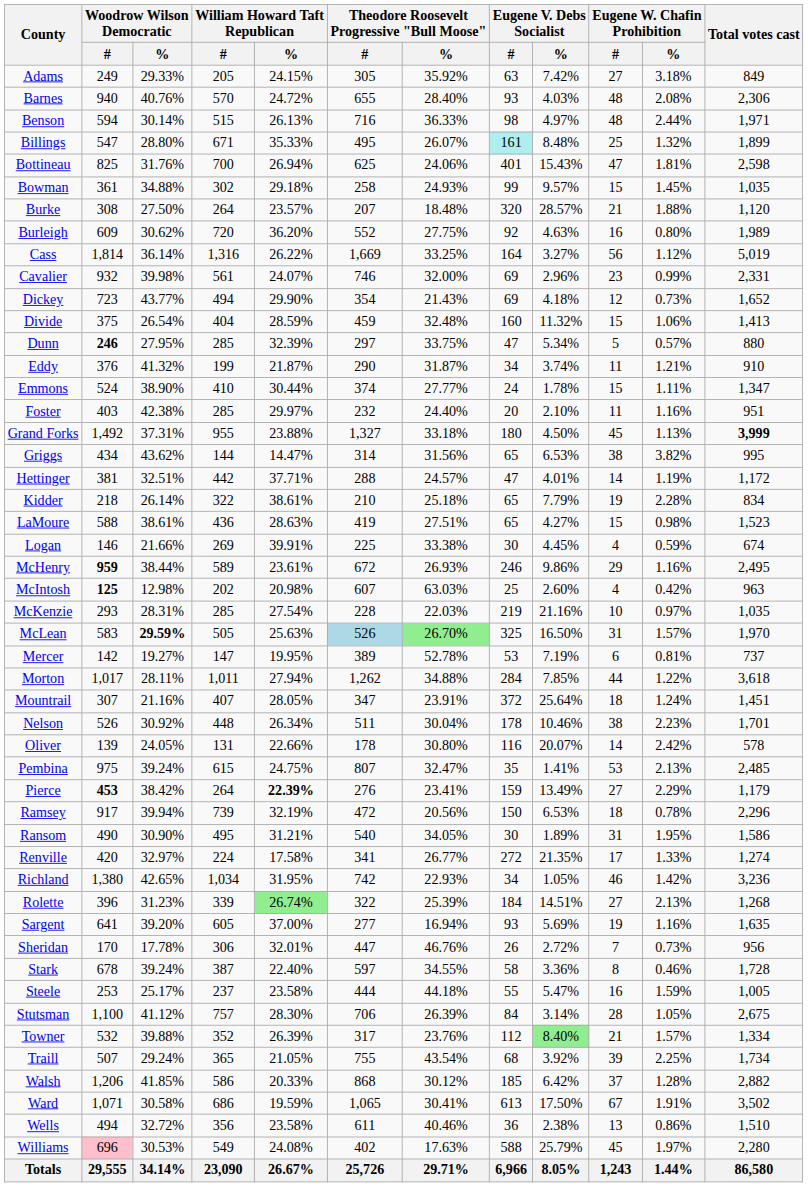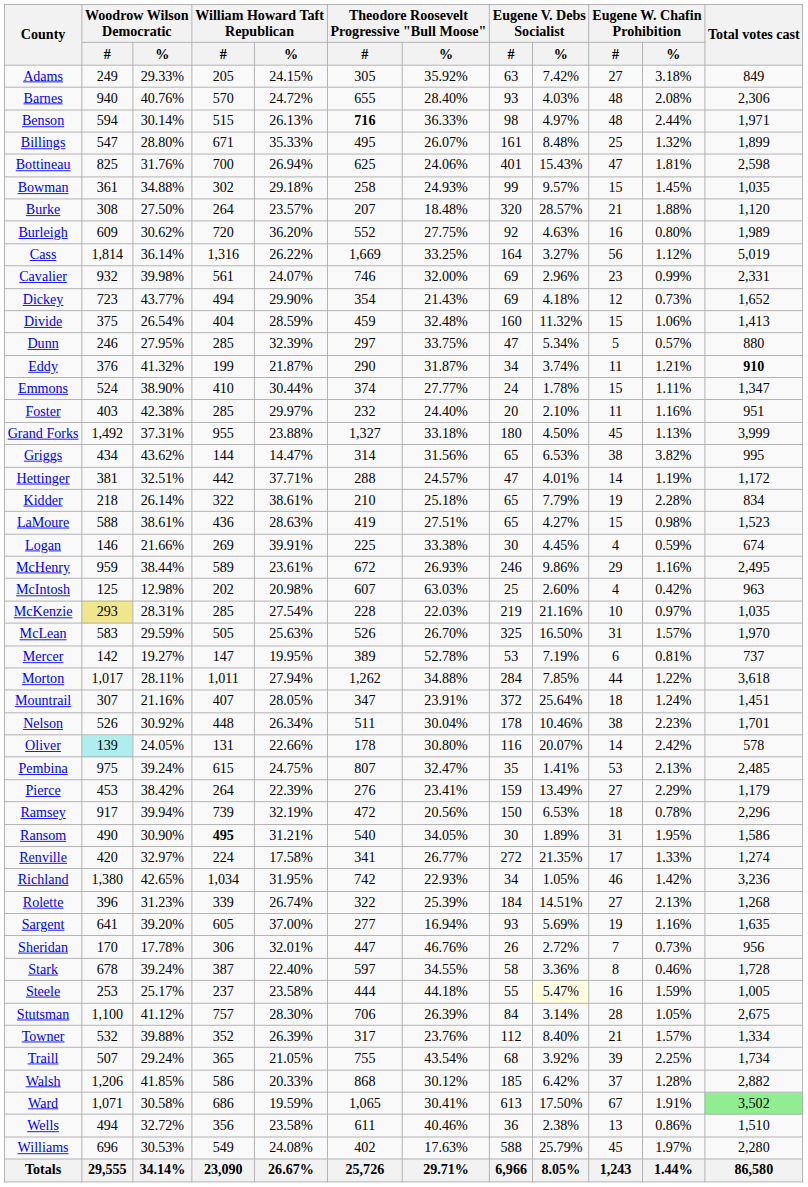 <table class="wikitable sortable">
 <tr>
 <th rowspan="2">County</th>
 <th colspan="2">Woodrow Wilson<br>Democratic</th>
 <th colspan="2">William Howard Taft<br>Republican</th>
 <th colspan="2">Theodore Roosevelt<br>Progressive "Bull Moose"</th>
 <th colspan="2">Eugene V. Debs<br>Socialist</th>
 <th colspan="2">Eugene W. Chafin<br>Prohibition</th>
 <th rowspan="2" data=sort-type="number">Total votes cast</th>
 </tr>
 <tr>
 <th data-sort-type="number">#</th>
 <th data-sort-type="number">%</th>
 <th data-sort-type="number">#</th>
 <th data-sort-type="number">%</th>
 <th data-sort-type="number">#</th>
 <th data-sort-type="number">%</th>
 <th data-sort-type="number">#</th>
 <th data-sort-type="number">%</th>
 <th data-sort-type="number">#</th>
 <th data-sort-type="number">%</th>
 </tr>
 <tr style="text-align:center;">
 <td><a href='#'>Adams</a></td>
 <td>249</td>
 <td>29.33%</td>
 <td>205</td>
 <td>24.15%</td>
 <td>305</td>
 <td>35.92%</td>
 <td>63</td>
 <td>7.42%</td>
 <td>27</td>
 <td>3.18%</td>
 <td>849</td>
 </tr>
 <tr style="text-align:center;">
 <td><a href='#'>Barnes</a></td>
 <td>940</td>
 <td>40.76%</td>
 <td>570</td>
 <td>24.72%</td>
 <td>655</td>
 <td>28.40%</td>
 <td>93</td>
 <td>4.03%</td>
 <td>48</td>
 <td>2.08%</td>
 <td>2,306</td>
 </tr>
 <tr style="text-align:center;">
 <td><a href='#'>Benson</a></td>
 <td>594</td>
 <td>30.14%</td>
 <td>515</td>
 <td>26.13%</td>
-<td>716</td>
+<td><strong>716</strong></td>
 <td>36.33%</td>
 <td>98</td>
 <td>4.97%</td>
 <td>48</td>
 <td>2.44%</td>
 <td>1,971</td>
 </tr>
 <tr style="text-align:center;">
 <td><a href='#'>Billings</a></td>
 <td>547</td>
 <td>28.80%</td>
 <td>671</td>
 <td>35.33%</td>
 <td>495</td>
 <td>26.07%</td>
-<td style="background: paleturquoise;">161</td>
+<td>161</td>
 <td>8.48%</td>
 <td>25</td>
 <td>1.32%</td>
 <td>1,899</td>
 </tr>
 <tr style="text-align:center;">
 <td><a href='#'>Bottineau</a></td>
 <td>825</td>
 <td>31.76%</td>
 <td>700</td>
 <td>26.94%</td>
 <td>625</td>
 <td>24.06%</td>
 <td>401</td>
 <td>15.43%</td>
 <td>47</td>
 <td>1.81%</td>
 <td>2,598</td>
 </tr>
 <tr style="text-align:center;">
 <td><a href='#'>Bowman</a></td>
 <td>361</td>
 <td>34.88%</td>
 <td>302</td>
 <td>29.18%</td>
 <td>258</td>
 <td>24.93%</td>
 <td>99</td>
 <td>9.57%</td>
 <td>15</td>
 <td>1.45%</td>
 <td>1,035</td>
 </tr>
 <tr style="text-align:center;">
 <td><a href='#'>Burke</a></td>
 <td>308</td>
 <td>27.50%</td>
 <td>264</td>
 <td>23.57%</td>
 <td>207</td>
 <td>18.48%</td>
 <td>320</td>
 <td>28.57%</td>
 <td>21</td>
 <td>1.88%</td>
 <td>1,120</td>
 </tr>
 <tr style="text-align:center;">
 <td><a href='#'>Burleigh</a></td>
 <td>609</td>
 <td>30.62%</td>
 <td>720</td>
 <td>36.20%</td>
 <td>552</td>
 <td>27.75%</td>
 <td>92</td>
 <td>4.63%</td>
 <td>16</td>
 <td>0.80%</td>
 <td>1,989</td>
 </tr>
 <tr style="text-align:center;">
 <td><a href='#'>Cass</a></td>
 <td>1,814</td>
 <td>36.14%</td>
 <td>1,316</td>
 <td>26.22%</td>
 <td>1,669</td>
 <td>33.25%</td>
 <td>164</td>
 <td>3.27%</td>
 <td>56</td>
 <td>1.12%</td>
 <td>5,019</td>
 </tr>
 <tr style="text-align:center;">
 <td><a href='#'>Cavalier</a></td>
 <td>932</td>
 <td>39.98%</td>
 <td>561</td>
 <td>24.07%</td>
 <td>746</td>
 <td>32.00%</td>
 <td>69</td>
 <td>2.96%</td>
 <td>23</td>
 <td>0.99%</td>
 <td>2,331</td>
 </tr>
 <tr style="text-align:center;">
 <td><a href='#'>Dickey</a></td>
 <td>723</td>
 <td>43.77%</td>
 <td>494</td>
 <td>29.90%</td>
 <td>354</td>
 <td>21.43%</td>
 <td>69</td>
 <td>4.18%</td>
 <td>12</td>
 <td>0.73%</td>
 <td>1,652</td>
 </tr>
 <tr style="text-align:center;">
 <td><a href='#'>Divide</a></td>
 <td>375</td>
 <td>26.54%</td>
 <td>404</td>
 <td>28.59%</td>
 <td>459</td>
 <td>32.48%</td>
 <td>160</td>
 <td>11.32%</td>
 <td>15</td>
 <td>1.06%</td>
 <td>1,413</td>
 </tr>
 <tr style="text-align:center;">
 <td><a href='#'>Dunn</a></td>
-<td><strong>246</strong></td>
+<td>246</td>
 <td>27.95%</td>
 <td>285</td>
 <td>32.39%</td>
 <td>297</td>
 <td>33.75%</td>
 <td>47</td>
 <td>5.34%</td>
 <td>5</td>
 <td>0.57%</td>
 <td>880</td>
 </tr>
 <tr style="text-align:center;">
 <td><a href='#'>Eddy</a></td>
 <td>376</td>
 <td>41.32%</td>
 <td>199</td>
 <td>21.87%</td>
 <td>290</td>
 <td>31.87%</td>
 <td>34</td>
 <td>3.74%</td>
 <td>11</td>
 <td>1.21%</td>
-<td>910</td>
+<td><strong>910</strong></td>
 </tr>
 <tr style="text-align:center;">
 <td><a href='#'>Emmons</a></td>
 <td>524</td>
 <td>38.90%</td>
 <td>410</td>
 <td>30.44%</td>
 <td>374</td>
 <td>27.77%</td>
 <td>24</td>
 <td>1.78%</td>
 <td>15</td>
 <td>1.11%</td>
 <td>1,347</td>
 </tr>
 <tr style="text-align:center;">
 <td><a href='#'>Foster</a></td>
 <td>403</td>
 <td>42.38%</td>
 <td>285</td>
 <td>29.97%</td>
 <td>232</td>
 <td>24.40%</td>
 <td>20</td>
 <td>2.10%</td>
 <td>11</td>
 <td>1.16%</td>
 <td>951</td>
 </tr>
 <tr style="text-align:center;">
 <td><a href='#'>Grand Forks</a></td>
 <td>1,492</td>
 <td>37.31%</td>
 <td>955</td>
 <td>23.88%</td>
 <td>1,327</td>
 <td>33.18%</td>
 <td>180</td>
 <td>4.50%</td>
 <td>45</td>
 <td>1.13%</td>
-<td><strong>3,999</strong></td>
+<td>3,999</td>
 </tr>
 <tr style="text-align:center;">
 <td><a href='#'>Griggs</a></td>
 <td>434</td>
 <td>43.62%</td>
 <td>144</td>
 <td>14.47%</td>
 <td>314</td>
 <td>31.56%</td>
 <td>65</td>
 <td>6.53%</td>
 <td>38</td>
 <td>3.82%</td>
 <td>995</td>
 </tr>
 <tr style="text-align:center;">
 <td><a href='#'>Hettinger</a></td>
 <td>381</td>
 <td>32.51%</td>
 <td>442</td>
 <td>37.71%</td>
 <td>288</td>
 <td>24.57%</td>
 <td>47</td>
 <td>4.01%</td>
 <td>14</td>
 <td>1.19%</td>
 <td>1,172</td>
 </tr>
 <tr style="text-align:center;">
 <td><a href='#'>Kidder</a></td>
 <td>218</td>
 <td>26.14%</td>
 <td>322</td>
 <td>38.61%</td>
 <td>210</td>
 <td>25.18%</td>
 <td>65</td>
 <td>7.79%</td>
 <td>19</td>
 <td>2.28%</td>
 <td>834</td>
 </tr>
 <tr style="text-align:center;">
 <td><a href='#'>LaMoure</a></td>
 <td>588</td>
 <td>38.61%</td>
 <td>436</td>
 <td>28.63%</td>
 <td>419</td>
 <td>27.51%</td>
 <td>65</td>
 <td>4.27%</td>
 <td>15</td>
 <td>0.98%</td>
 <td>1,523</td>
 </tr>
 <tr style="text-align:center;">
 <td><a href='#'>Logan</a></td>
 <td>146</td>
 <td>21.66%</td>
 <td>269</td>
 <td>39.91%</td>
 <td>225</td>
 <td>33.38%</td>
 <td>30</td>
 <td>4.45%</td>
 <td>4</td>
 <td>0.59%</td>
 <td>674</td>
 </tr>
 <tr style="text-align:center;">
 <td><a href='#'>McHenry</a></td>
-<td><strong>959</strong></td>
+<td>959</td>
 <td>38.44%</td>
 <td>589</td>
 <td>23.61%</td>
 <td>672</td>
 <td>26.93%</td>
 <td>246</td>
 <td>9.86%</td>
 <td>29</td>
 <td>1.16%</td>
 <td>2,495</td>
 </tr>
 <tr style="text-align:center;">
 <td><a href='#'>McIntosh</a></td>
-<td><strong>125</strong></td>
+<td>125</td>
 <td>12.98%</td>
 <td>202</td>
 <td>20.98%</td>
 <td>607</td>
 <td>63.03%</td>
 <td>25</td>
 <td>2.60%</td>
 <td>4</td>
 <td>0.42%</td>
 <td>963</td>
 </tr>
 <tr style="text-align:center;">
 <td><a href='#'>McKenzie</a></td>
-<td>293</td>
+<td style="background: khaki;">293</td>
 <td>28.31%</td>
 <td>285</td>
 <td>27.54%</td>
 <td>228</td>
 <td>22.03%</td>
 <td>219</td>
 <td>21.16%</td>
 <td>10</td>
 <td>0.97%</td>
 <td>1,035</td>
 </tr>
 <tr style="text-align:center;">
 <td><a href='#'>McLean</a></td>
 <td>583</td>
-<td><strong>29.59%</strong></td>
+<td>29.59%</td>
 <td>505</td>
 <td>25.63%</td>
-<td style="background: lightblue;">526</td>
-<td style="background: lightgreen;">26.70%</td>
+<td>526</td>
+<td>26.70%</td>
 <td>325</td>
 <td>16.50%</td>
 <td>31</td>
 <td>1.57%</td>
 <td>1,970</td>
 </tr>
 <tr style="text-align:center;">
 <td><a href='#'>Mercer</a></td>
 <td>142</td>
 <td>19.27%</td>
 <td>147</td>
 <td>19.95%</td>
 <td>389</td>
 <td>52.78%</td>
 <td>53</td>
 <td>7.19%</td>
 <td>6</td>
 <td>0.81%</td>
 <td>737</td>
 </tr>
 <tr style="text-align:center;">
 <td><a href='#'>Morton</a></td>
 <td>1,017</td>
 <td>28.11%</td>
 <td>1,011</td>
 <td>27.94%</td>
 <td>1,262</td>
 <td>34.88%</td>
 <td>284</td>
 <td>7.85%</td>
 <td>44</td>
 <td>1.22%</td>
 <td>3,618</td>
 </tr>
 <tr style="text-align:center;">
 <td><a href='#'>Mountrail</a></td>
 <td>307</td>
 <td>21.16%</td>
 <td>407</td>
 <td>28.05%</td>
 <td>347</td>
 <td>23.91%</td>
 <td>372</td>
 <td>25.64%</td>
 <td>18</td>
 <td>1.24%</td>
 <td>1,451</td>
 </tr>
 <tr style="text-align:center;">
 <td><a href='#'>Nelson</a></td>
 <td>526</td>
 <td>30.92%</td>
 <td>448</td>
 <td>26.34%</td>
 <td>511</td>
 <td>30.04%</td>
 <td>178</td>
 <td>10.46%</td>
 <td>38</td>
 <td>2.23%</td>
 <td>1,701</td>
 </tr>
 <tr style="text-align:center;">
 <td><a href='#'>Oliver</a></td>
-<td>139</td>
+<td style="background: paleturquoise;">139</td>
 <td>24.05%</td>
 <td>131</td>
 <td>22.66%</td>
 <td>178</td>
 <td>30.80%</td>
 <td>116</td>
 <td>20.07%</td>
 <td>14</td>
 <td>2.42%</td>
 <td>578</td>
 </tr>
 <tr style="text-align:center;">
 <td><a href='#'>Pembina</a></td>
 <td>975</td>
 <td>39.24%</td>
 <td>615</td>
 <td>24.75%</td>
 <td>807</td>
 <td>32.47%</td>
 <td>35</td>
 <td>1.41%</td>
 <td>53</td>
 <td>2.13%</td>
 <td>2,485</td>
 </tr>
 <tr style="text-align:center;">
 <td><a href='#'>Pierce</a></td>
-<td><strong>453</strong></td>
+<td>453</td>
 <td>38.42%</td>
 <td>264</td>
-<td><strong>22.39%</strong></td>
+<td>22.39%</td>
 <td>276</td>
 <td>23.41%</td>
 <td>159</td>
 <td>13.49%</td>
 <td>27</td>
 <td>2.29%</td>
 <td>1,179</td>
 </tr>
 <tr style="text-align:center;">
 <td><a href='#'>Ramsey</a></td>
 <td>917</td>
 <td>39.94%</td>
 <td>739</td>
 <td>32.19%</td>
 <td>472</td>
 <td>20.56%</td>
 <td>150</td>
 <td>6.53%</td>
 <td>18</td>
 <td>0.78%</td>
 <td>2,296</td>
 </tr>
 <tr style="text-align:center;">
 <td><a href='#'>Ransom</a></td>
 <td>490</td>
 <td>30.90%</td>
-<td>495</td>
+<td><strong>495</strong></td>
 <td>31.21%</td>
 <td>540</td>
 <td>34.05%</td>
 <td>30</td>
 <td>1.89%</td>
 <td>31</td>
 <td>1.95%</td>
 <td>1,586</td>
 </tr>
 <tr style="text-align:center;">
 <td><a href='#'>Renville</a></td>
 <td>420</td>
 <td>32.97%</td>
 <td>224</td>
 <td>17.58%</td>
 <td>341</td>
 <td>26.77%</td>
 <td>272</td>
 <td>21.35%</td>
 <td>17</td>
 <td>1.33%</td>
 <td>1,274</td>
 </tr>
 <tr style="text-align:center;">
 <td><a href='#'>Richland</a></td>
 <td>1,380</td>
 <td>42.65%</td>
 <td>1,034</td>
 <td>31.95%</td>
 <td>742</td>
 <td>22.93%</td>
 <td>34</td>
 <td>1.05%</td>
 <td>46</td>
 <td>1.42%</td>
 <td>3,236</td>
 </tr>
 <tr style="text-align:center;">
 <td><a href='#'>Rolette</a></td>
 <td>396</td>
 <td>31.23%</td>
 <td>339</td>
-<td style="background: lightgreen;">26.74%</td>
+<td>26.74%</td>
 <td>322</td>
 <td>25.39%</td>
 <td>184</td>
 <td>14.51%</td>
 <td>27</td>
 <td>2.13%</td>
 <td>1,268</td>
 </tr>
 <tr style="text-align:center;">
 <td><a href='#'>Sargent</a></td>
 <td>641</td>
 <td>39.20%</td>
 <td>605</td>
 <td>37.00%</td>
 <td>277</td>
 <td>16.94%</td>
 <td>93</td>
 <td>5.69%</td>
 <td>19</td>
 <td>1.16%</td>
 <td>1,635</td>
 </tr>
 <tr style="text-align:center;">
 <td><a href='#'>Sheridan</a></td>
 <td>170</td>
 <td>17.78%</td>
 <td>306</td>
 <td>32.01%</td>
 <td>447</td>
 <td>46.76%</td>
 <td>26</td>
 <td>2.72%</td>
 <td>7</td>
 <td>0.73%</td>
 <td>956</td>
 </tr>
 <tr style="text-align:center;">
 <td><a href='#'>Stark</a></td>
 <td>678</td>
 <td>39.24%</td>
 <td>387</td>
 <td>22.40%</td>
 <td>597</td>
 <td>34.55%</td>
 <td>58</td>
 <td>3.36%</td>
 <td>8</td>
 <td>0.46%</td>
 <td>1,728</td>
 </tr>
 <tr style="text-align:center;">
 <td><a href='#'>Steele</a></td>
 <td>253</td>
 <td>25.17%</td>
 <td>237</td>
 <td>23.58%</td>
 <td>444</td>
 <td>44.18%</td>
 <td>55</td>
-<td>5.47%</td>
+<td style="background: lightyellow;">5.47%</td>
 <td>16</td>
 <td>1.59%</td>
 <td>1,005</td>
 </tr>
 <tr style="text-align:center;">
 <td><a href='#'>Stutsman</a></td>
 <td>1,100</td>
 <td>41.12%</td>
 <td>757</td>
 <td>28.30%</td>
 <td>706</td>
 <td>26.39%</td>
 <td>84</td>
 <td>3.14%</td>
 <td>28</td>
 <td>1.05%</td>
 <td>2,675</td>
 </tr>
 <tr style="text-align:center;">
 <td><a href='#'>Towner</a></td>
 <td>532</td>
 <td>39.88%</td>
 <td>352</td>
 <td>26.39%</td>
 <td>317</td>
 <td>23.76%</td>
 <td>112</td>
-<td style="background: lightgreen;">8.40%</td>
+<td>8.40%</td>
 <td>21</td>
 <td>1.57%</td>
 <td>1,334</td>
 </tr>
 <tr style="text-align:center;">
 <td><a href='#'>Traill</a></td>
 <td>507</td>
 <td>29.24%</td>
 <td>365</td>
 <td>21.05%</td>
 <td>755</td>
 <td>43.54%</td>
 <td>68</td>
 <td>3.92%</td>
 <td>39</td>
 <td>2.25%</td>
 <td>1,734</td>
 </tr>
 <tr style="text-align:center;">
 <td><a href='#'>Walsh</a></td>
 <td>1,206</td>
 <td>41.85%</td>
 <td>586</td>
 <td>20.33%</td>
 <td>868</td>
 <td>30.12%</td>
 <td>185</td>
 <td>6.42%</td>
 <td>37</td>
 <td>1.28%</td>
 <td>2,882</td>
 </tr>
 <tr style="text-align:center;">
 <td><a href='#'>Ward</a></td>
 <td>1,071</td>
 <td>30.58%</td>
 <td>686</td>
 <td>19.59%</td>
 <td>1,065</td>
 <td>30.41%</td>
 <td>613</td>
 <td>17.50%</td>
 <td>67</td>
 <td>1.91%</td>
-<td>3,502</td>
+<td style="background: lightgreen;">3,502</td>
 </tr>
 <tr style="text-align:center;">
 <td><a href='#'>Wells</a></td>
 <td>494</td>
 <td>32.72%</td>
 <td>356</td>
 <td>23.58%</td>
 <td>611</td>
 <td>40.46%</td>
 <td>36</td>
 <td>2.38%</td>
 <td>13</td>
 <td>0.86%</td>
 <td>1,510</td>
 </tr>
 <tr style="text-align:center;">
 <td><a href='#'>Williams</a></td>
-<td style="background: pink;">696</td>
+<td>696</td>
 <td>30.53%</td>
 <td>549</td>
 <td>24.08%</td>
 <td>402</td>
 <td>17.63%</td>
 <td>588</td>
 <td>25.79%</td>
 <td>45</td>
 <td>1.97%</td>
 <td>2,280</td>
 </tr>
 <tr style="text-align:center;">
 <th>Totals</th>
 <th>29,555</th>
 <th>34.14%</th>
 <th>23,090</th>
 <th>26.67%</th>
 <th>25,726</th>
 <th>29.71%</th>
 <th>6,966</th>
 <th>8.05%</th>
 <th>1,243</th>
 <th>1.44%</th>
 <th>86,580</th>
 </tr>
 </table>
